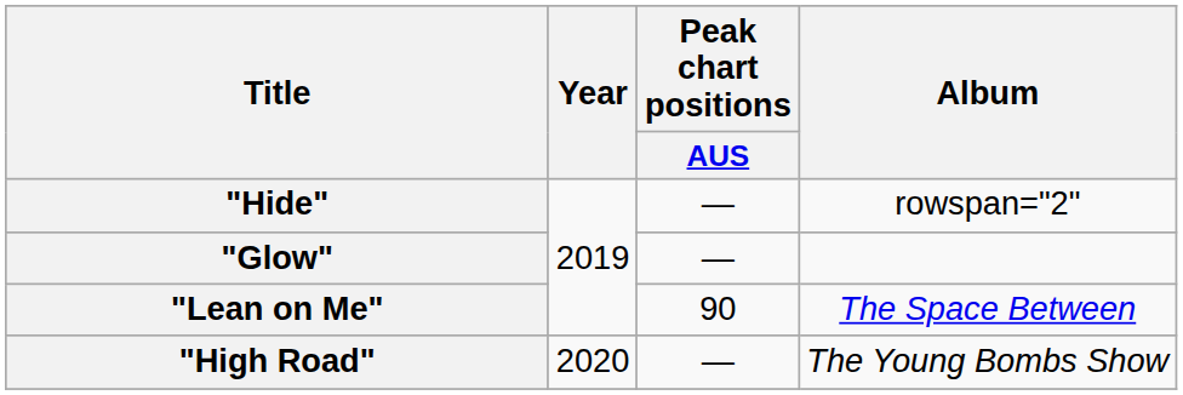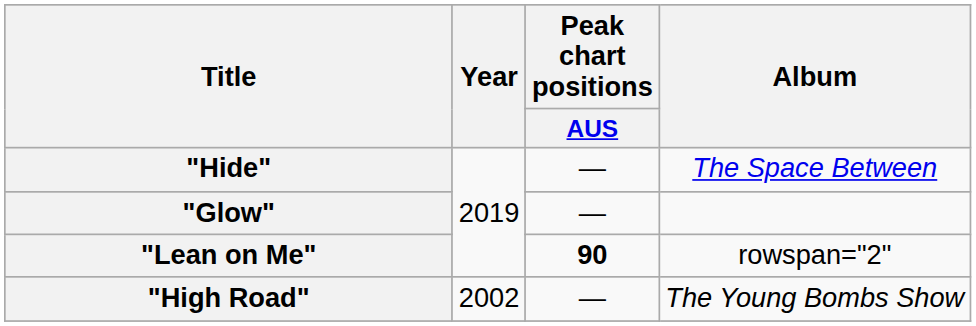 <table class="wikitable plainrowheaders" style="text-align:center;" border="1">
 <tr>
 <th scope="col" rowspan="2" style="width:16em;">Title</th>
 <th scope="col" rowspan="2">Year</th>
 <th scope="col" colspan="1">Peak chart positions</th>
 <th scope="col" rowspan="2">Album</th>
 </tr>
 <tr>
 <th scope="col" style="width:3em;font-size:90%;"><a href='#'>AUS</a><br></th>
 </tr>
 <tr>
 <th scope="row">"Hide" <br></th>
 <td rowspan="3">2019</td>
 <td>—</td>
-<td>rowspan="2" </td>
+<td><em><a href='#'>The Space Between</a></em></td>
 </tr>
 <tr>
 <th scope="row">"Glow" <br></th>
 <td>—</td>
 </tr>
 <tr>
 <th scope="row">"Lean on Me" <br></th>
-<td>90</td>
-<td><em><a href='#'>The Space Between</a></em></td>
+<td><strong>90</strong></td>
+<td>rowspan="2" </td>
 </tr>
 <tr>
 <th scope="row">"High Road"<br></th>
-<td>2020</td>
+<td>2002</td>
 <td>—</td>
 <td><em>The Young Bombs Show</em></td>
 </tr>
 </table>
